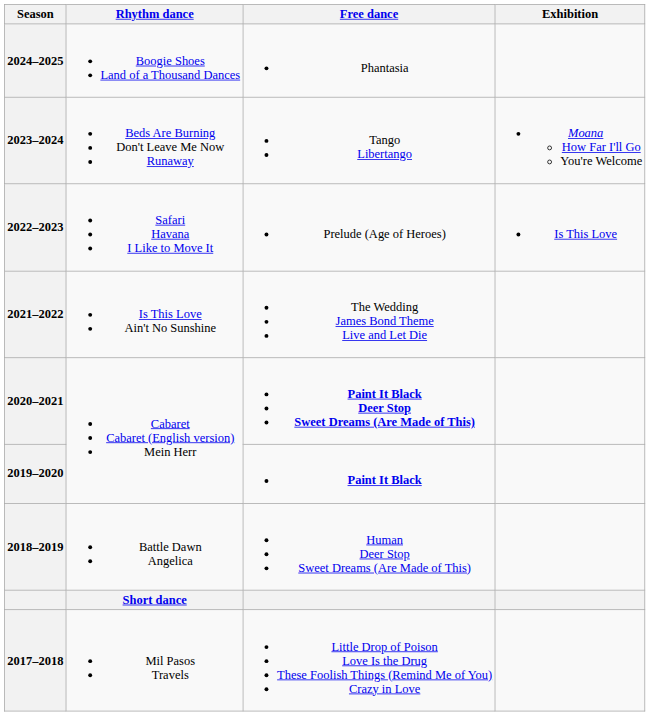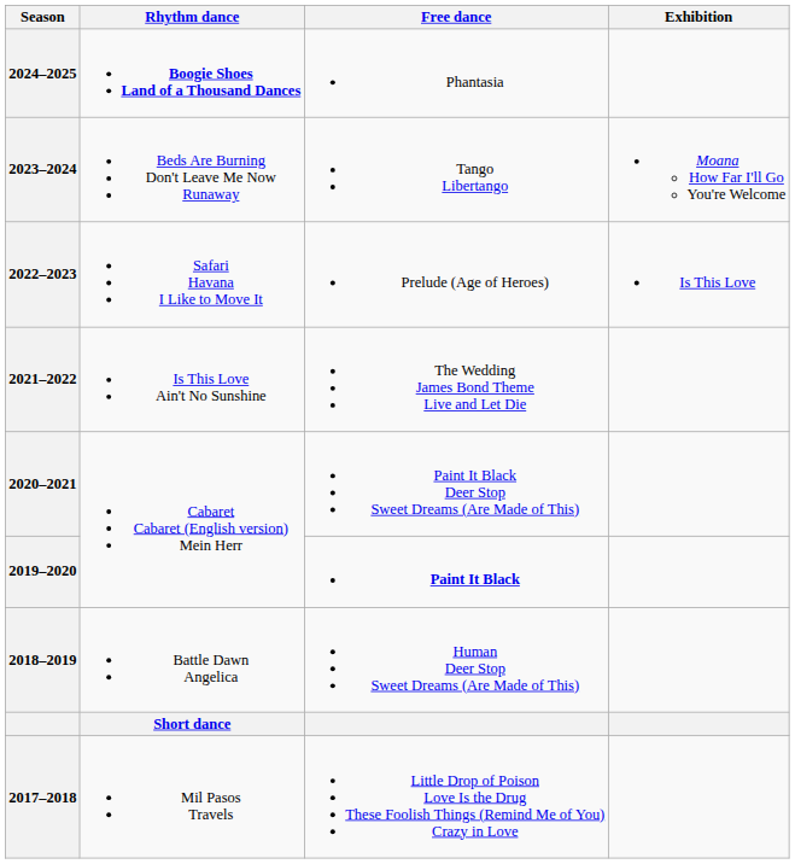 <table class=wikitable style=text-align:center>
 <tr>
 <th>Season</th>
 <th><a href='#'>Rhythm dance</a></th>
 <th><a href='#'>Free dance</a></th>
 <th>Exhibition</th>
 </tr>
 <tr>
 <th>2024–2025 <br></th>
-<td><br><ul><li><a href='#'>Boogie Shoes</a> <br></li><li><a href='#'>Land of a Thousand Dances</a><br></li></ul></td>
+<td><strong><br><ul><li><a href='#'>Boogie Shoes</a> <br></li><li><a href='#'>Land of a Thousand Dances</a><br></li></ul></strong></td>
 <td><br><ul><li>Phantasia <br></li></ul></td>
 <td></td>
 </tr>
 <tr>
 <th>2023–2024 <br></th>
 <td><br><ul><li><a href='#'>Beds Are Burning</a> <br></li><li>Don't Leave Me Now <br></li><li><a href='#'>Runaway</a><br></li></ul></td>
 <td><br><ul><li>Tango <br></li><li><a href='#'>Libertango</a> <br></li></ul></td>
 <td><br><ul><li><em><a href='#'>Moana</a></em><ul><li><a href='#'>How Far I'll Go</a> <br></li><li>You're Welcome <br></li></ul></li></ul></td>
 </tr>
 <tr>
 <th>2022–2023 <br></th>
 <td><br><ul><li> <a href='#'>Safari</a> <br></li><li> <a href='#'>Havana</a> <br></li><li> <a href='#'>I Like to Move It</a><br></li></ul></td>
 <td><br><ul><li>Prelude (Age of Heroes) <br></li></ul></td>
 <td><br><ul><li><a href='#'>Is This Love</a> <br> </li></ul></td>
 </tr>
 <tr>
 <th>2021–2022<br></th>
 <td><br><ul><li><a href='#'>Is This Love</a> <br> </li><li> Ain't No Sunshine <br> </li></ul></td>
 <td><br><ul><li>The Wedding <br></li><li><a href='#'>James Bond Theme</a> <br> </li><li><a href='#'>Live and Let Die</a><br></li></ul></td>
 <td></td>
 </tr>
 <tr>
 <th>2020–2021<br></th>
 <td rowspan=2><br><ul><li> <a href='#'>Cabaret</a><br></li><li> <a href='#'>Cabaret (English version)</a><br></li><li> Mein Herr<br></li></ul></td>
-<td><strong><br><ul><li><a href='#'>Paint It Black</a><br></li><li><a href='#'>Deer Stop</a><br></li><li><a href='#'>Sweet Dreams (Are Made of This)</a><br></li></ul></strong></td>
+<td><br><ul><li><a href='#'>Paint It Black</a><br></li><li><a href='#'>Deer Stop</a><br></li><li><a href='#'>Sweet Dreams (Are Made of This)</a><br></li></ul></td>
 <td></td>
 </tr>
 <tr>
 <th>2019–2020<br></th>
 <td><strong><br><ul><li><a href='#'>Paint It Black</a><br></li></ul></strong></td>
 </tr>
 <tr>
 <th>2018–2019<br></th>
 <td><br><ul><li> Battle Dawn<br></li><li> Angelica<br></li></ul></td>
 <td><br><ul><li><a href='#'>Human</a><br></li><li><a href='#'>Deer Stop</a><br></li><li><a href='#'>Sweet Dreams (Are Made of This)</a><br></li></ul></td>
 <td></td>
 </tr>
 <tr>
 <th></th>
 <th><a href='#'>Short dance</a></th>
 <th></th>
 <th></th>
 </tr>
 <tr>
 <th>2017–2018<br></th>
 <td><br><ul><li> Mil Pasos<br></li><li> Travels<br></li></ul></td>
 <td><br><ul><li><a href='#'>Little Drop of Poison</a><br></li><li><a href='#'>Love Is the Drug</a><br></li><li><a href='#'>These Foolish Things (Remind Me of You)</a><br></li><li><a href='#'>Crazy in Love</a><br></li></ul></td>
 <td></td>
 </tr>
 </table>
